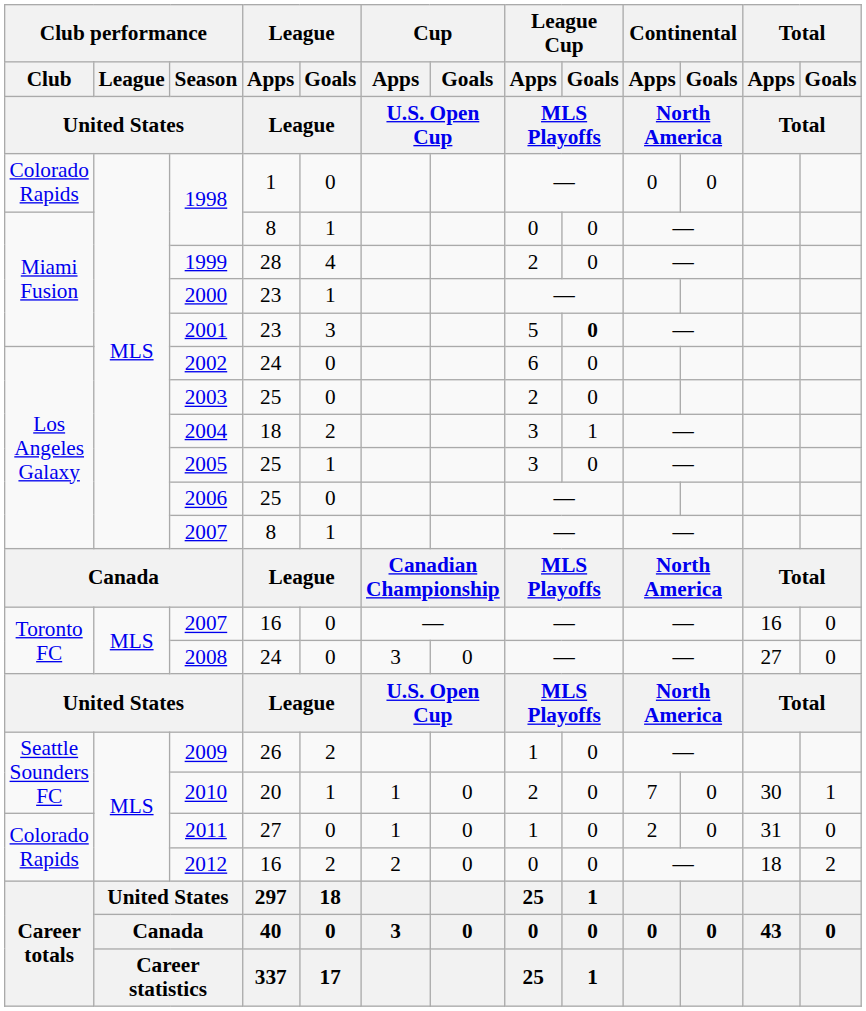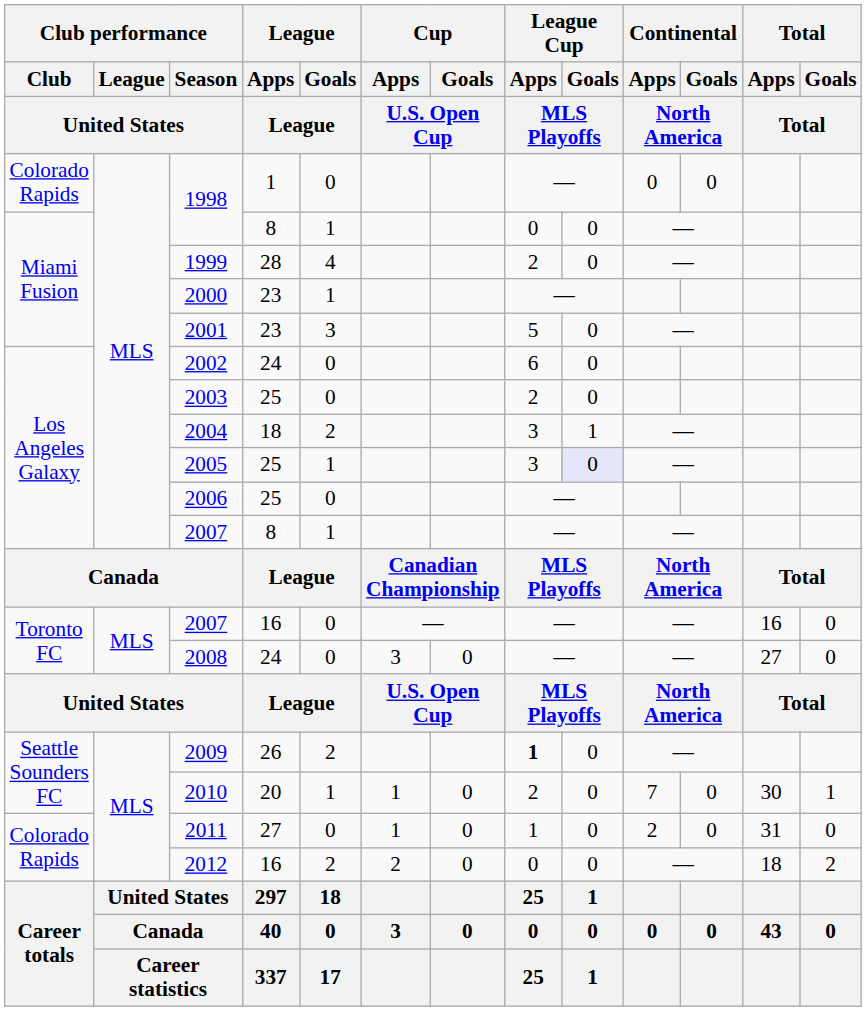 <table class="wikitable" style="text-align: center">
 <tr>
 <th Colspan="3">Club performance</th>
 <th Colspan="2">League</th>
 <th Colspan="2">Cup</th>
 <th Colspan="2">League Cup</th>
 <th Colspan="2">Continental</th>
 <th Colspan="2">Total</th>
 </tr>
 <tr>
 <th>Club</th>
 <th>League</th>
 <th>Season</th>
 <th>Apps</th>
 <th>Goals</th>
 <th>Apps</th>
 <th>Goals</th>
 <th>Apps</th>
 <th>Goals</th>
 <th>Apps</th>
 <th>Goals</th>
 <th>Apps</th>
 <th>Goals</th>
 </tr>
 <tr>
 <th Colspan="3">United States</th>
 <th Colspan="2">League</th>
 <th Colspan="2"><a href='#'>U.S. Open Cup</a></th>
 <th Colspan="2"><a href='#'>MLS Playoffs</a></th>
 <th Colspan="2"><a href='#'>North America</a></th>
 <th Colspan="2">Total</th>
 </tr>
 <tr>
 <td><a href='#'>Colorado Rapids</a></td>
 <td rowspan="11"><a href='#'>MLS</a></td>
 <td rowspan="2"><a href='#'>1998</a></td>
 <td>1</td>
 <td>0</td>
 <td></td>
 <td></td>
 <td colspan="2">—</td>
 <td>0</td>
 <td>0</td>
 <td></td>
 <td></td>
 </tr>
 <tr>
 <td rowspan="4"><a href='#'>Miami Fusion</a></td>
 <td>8</td>
 <td>1</td>
 <td></td>
 <td></td>
 <td>0</td>
 <td>0</td>
 <td colspan="2">—</td>
 <td></td>
 <td></td>
 </tr>
 <tr>
 <td><a href='#'>1999</a></td>
 <td>28</td>
 <td>4</td>
 <td></td>
 <td></td>
 <td>2</td>
 <td>0</td>
 <td colspan="2">—</td>
 <td></td>
 <td></td>
 </tr>
 <tr>
 <td><a href='#'>2000</a></td>
 <td>23</td>
 <td>1</td>
 <td></td>
 <td></td>
 <td colspan="2">—</td>
 <td></td>
 <td></td>
 <td></td>
 <td></td>
 </tr>
 <tr>
 <td><a href='#'>2001</a></td>
 <td>23</td>
 <td>3</td>
 <td></td>
 <td></td>
 <td>5</td>
-<td><strong>0</strong></td>
+<td>0</td>
 <td colspan="2">—</td>
 <td></td>
 <td></td>
 </tr>
 <tr>
 <td rowspan="6"><a href='#'>Los Angeles Galaxy</a></td>
 <td><a href='#'>2002</a></td>
 <td>24</td>
 <td>0</td>
 <td></td>
 <td></td>
 <td>6</td>
 <td>0</td>
 <td></td>
 <td></td>
 <td></td>
 <td></td>
 </tr>
 <tr>
 <td><a href='#'>2003</a></td>
 <td>25</td>
 <td>0</td>
 <td></td>
 <td></td>
 <td>2</td>
 <td>0</td>
 <td></td>
 <td></td>
 <td></td>
 <td></td>
 </tr>
 <tr>
 <td><a href='#'>2004</a></td>
 <td>18</td>
 <td>2</td>
 <td></td>
 <td></td>
 <td>3</td>
 <td>1</td>
 <td colspan="2">—</td>
 <td></td>
 <td></td>
 </tr>
 <tr>
 <td><a href='#'>2005</a></td>
 <td>25</td>
 <td>1</td>
 <td></td>
 <td></td>
 <td>3</td>
-<td>0</td>
+<td style="background: lavender;">0</td>
 <td colspan="2">—</td>
 <td></td>
 <td></td>
 </tr>
 <tr>
 <td><a href='#'>2006</a></td>
 <td>25</td>
 <td>0</td>
 <td></td>
 <td></td>
 <td colspan="2">—</td>
 <td></td>
 <td></td>
 <td></td>
 <td></td>
 </tr>
 <tr>
 <td><a href='#'>2007</a></td>
 <td>8</td>
 <td>1</td>
 <td></td>
 <td></td>
 <td colspan="2">—</td>
 <td colspan="2">—</td>
 <td></td>
 <td></td>
 </tr>
 <tr>
 <th Colspan="3">Canada</th>
 <th Colspan="2">League</th>
 <th Colspan="2"><a href='#'>Canadian<br>Championship</a><br></th>
 <th Colspan="2"><a href='#'>MLS Playoffs</a></th>
 <th Colspan="2"><a href='#'>North America</a></th>
 <th Colspan="2">Total</th>
 </tr>
 <tr>
 <td rowspan="2"><a href='#'>Toronto FC</a></td>
 <td rowspan="2"><a href='#'>MLS</a></td>
 <td><a href='#'>2007</a></td>
 <td>16</td>
 <td>0</td>
 <td colspan="2">—</td>
 <td colspan="2">—</td>
 <td colspan="2">—</td>
 <td>16</td>
 <td>0</td>
 </tr>
 <tr>
 <td><a href='#'>2008</a></td>
 <td>24</td>
 <td>0</td>
 <td>3</td>
 <td>0</td>
 <td colspan="2">—</td>
 <td colspan="2">—</td>
 <td>27</td>
 <td>0</td>
 </tr>
 <tr>
 <th Colspan="3">United States</th>
 <th Colspan="2">League</th>
 <th Colspan="2"><a href='#'>U.S. Open Cup</a></th>
 <th Colspan="2"><a href='#'>MLS Playoffs</a></th>
 <th Colspan="2"><a href='#'>North America</a></th>
 <th Colspan="2">Total</th>
 </tr>
 <tr>
 <td rowspan="2"><a href='#'>Seattle Sounders FC</a></td>
 <td rowspan="4"><a href='#'>MLS</a></td>
 <td><a href='#'>2009</a></td>
 <td>26</td>
 <td>2</td>
 <td></td>
 <td></td>
-<td>1</td>
+<td><strong>1</strong></td>
 <td>0</td>
 <td colspan="2">—</td>
 <td></td>
 <td></td>
 </tr>
 <tr>
 <td><a href='#'>2010</a></td>
 <td>20</td>
 <td>1</td>
 <td>1</td>
 <td>0</td>
 <td>2</td>
 <td>0</td>
 <td>7</td>
 <td>0</td>
 <td>30</td>
 <td>1</td>
 </tr>
 <tr>
 <td rowspan="2"><a href='#'>Colorado Rapids</a></td>
 <td><a href='#'>2011</a></td>
 <td>27</td>
 <td>0</td>
 <td>1</td>
 <td>0</td>
 <td>1</td>
 <td>0</td>
 <td>2</td>
 <td>0</td>
 <td>31</td>
 <td>0</td>
 </tr>
 <tr>
 <td><a href='#'>2012</a></td>
 <td>16</td>
 <td>2</td>
 <td>2</td>
 <td>0</td>
 <td>0</td>
 <td>0</td>
 <td colspan="2">—</td>
 <td>18</td>
 <td>2</td>
 </tr>
 <tr>
 <th rowspan="3">Career totals</th>
 <th colspan="2">United States</th>
 <th>297</th>
 <th>18</th>
 <th></th>
 <th></th>
 <th>25</th>
 <th>1</th>
 <th></th>
 <th></th>
 <th></th>
 <th></th>
 </tr>
 <tr>
 <th colspan="2">Canada</th>
 <th>40</th>
 <th>0</th>
 <th>3</th>
 <th>0</th>
 <th>0</th>
 <th>0</th>
 <th>0</th>
 <th>0</th>
 <th>43</th>
 <th>0</th>
 </tr>
 <tr>
 <th colspan="2">Career statistics</th>
 <th>337</th>
 <th>17</th>
 <th></th>
 <th></th>
 <th>25</th>
 <th>1</th>
 <th></th>
 <th></th>
 <th></th>
 <th></th>
 </tr>
 </table>
